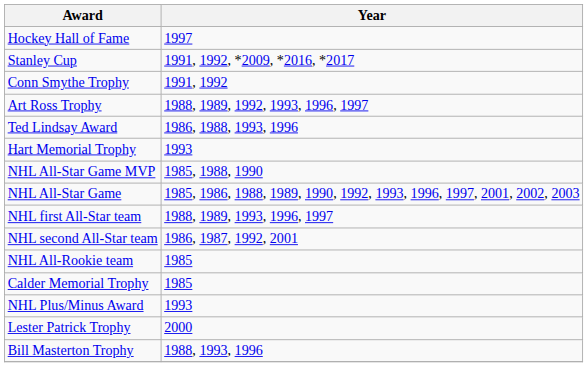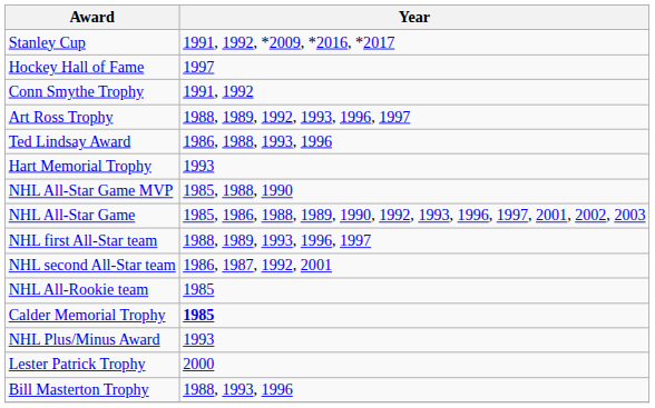 <table class="wikitable">
 <tr>
 <th scope="col">Award</th>
 <th scope="col">Year</th>
 </tr>
 <tr>
+<td><a href='#'>Stanley Cup</a></td>
+<td><a href='#'>1991</a>, <a href='#'>1992</a>, *<a href='#'>2009</a>, *<a href='#'>2016</a>, *<a href='#'>2017</a></td>
+</tr>
+<tr>
 <td><a href='#'>Hockey Hall of Fame</a></td>
 <td><a href='#'>1997</a></td>
-</tr>
-<tr>
-<td><a href='#'>Stanley Cup</a></td>
-<td><a href='#'>1991</a>, <a href='#'>1992</a>, *<a href='#'>2009</a>, *<a href='#'>2016</a>, *<a href='#'>2017</a></td>
 </tr>
 <tr>
 <td><a href='#'>Conn Smythe Trophy</a></td>
 <td><a href='#'>1991</a>, <a href='#'>1992</a></td>
 </tr>
 <tr>
 <td><a href='#'>Art Ross Trophy</a></td>
 <td><a href='#'>1988</a>, <a href='#'>1989</a>, <a href='#'>1992</a>, <a href='#'>1993</a>, <a href='#'>1996</a>, <a href='#'>1997</a></td>
 </tr>
 <tr>
 <td><a href='#'>Ted Lindsay Award</a></td>
 <td><a href='#'>1986</a>, <a href='#'>1988</a>, <a href='#'>1993</a>, <a href='#'>1996</a></td>
 </tr>
 <tr>
 <td><a href='#'>Hart Memorial Trophy</a></td>
 <td><a href='#'>1993</a></td>
 </tr>
 <tr>
 <td><a href='#'>NHL All-Star Game MVP</a></td>
 <td><a href='#'>1985</a>, <a href='#'>1988</a>, <a href='#'>1990</a></td>
 </tr>
 <tr>
 <td><a href='#'>NHL All-Star Game</a></td>
 <td><a href='#'>1985</a>, <a href='#'>1986</a>, <a href='#'>1988</a>, <a href='#'>1989</a>, <a href='#'>1990</a>, <a href='#'>1992</a>, <a href='#'>1993</a>, <a href='#'>1996</a>, <a href='#'>1997</a>, <a href='#'>2001</a>, <a href='#'>2002</a>, <a href='#'>2003</a></td>
 </tr>
 <tr>
 <td><a href='#'>NHL first All-Star team</a></td>
 <td><a href='#'>1988</a>, <a href='#'>1989</a>, <a href='#'>1993</a>, <a href='#'>1996</a>, <a href='#'>1997</a></td>
 </tr>
 <tr>
 <td><a href='#'>NHL second All-Star team</a></td>
 <td><a href='#'>1986</a>, <a href='#'>1987</a>, <a href='#'>1992</a>, <a href='#'>2001</a></td>
 </tr>
 <tr>
 <td><a href='#'>NHL All-Rookie team</a></td>
 <td><a href='#'>1985</a></td>
 </tr>
 <tr>
 <td><a href='#'>Calder Memorial Trophy</a></td>
-<td><a href='#'>1985</a></td>
+<td><strong><a href='#'>1985</a></strong></td>
 </tr>
 <tr>
 <td><a href='#'>NHL Plus/Minus Award</a></td>
 <td><a href='#'>1993</a></td>
 </tr>
 <tr>
 <td><a href='#'>Lester Patrick Trophy</a></td>
 <td><a href='#'>2000</a></td>
 </tr>
 <tr>
 <td><a href='#'>Bill Masterton Trophy</a></td>
 <td><a href='#'>1988</a>, <a href='#'>1993</a>, <a href='#'>1996</a></td>
 </tr>
 <tr>
 </tr>
 </table>
